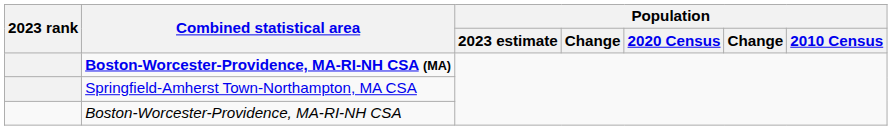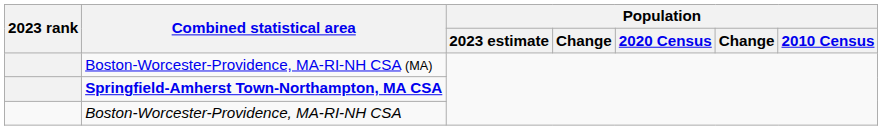 <table class="wikitable sortable">
 <tr>
 <th scope=col rowspan=2>2023 rank</th>
 <th scope=col rowspan=2><a href='#'>Combined statistical area</a></th>
 <th colspan=5>Population</th>
 </tr>
 <tr>
 <th scope=col>2023 estimate</th>
 <th scope=col>Change</th>
 <th scope=col><a href='#'>2020 Census</a></th>
 <th scope=col>Change</th>
 <th scope=col><a href='#'>2010 Census</a></th>
 </tr>
 <tr>
 <th scope=row></th>
-<td><strong><a href='#'>Boston-Worcester-Providence, MA-RI-NH CSA</a> <small>(MA)</small><br></strong></td>
+<td><a href='#'>Boston-Worcester-Providence, MA-RI-NH CSA</a> <small>(MA)</small><br></td>
 </tr>
 <tr>
 <th scope=row></th>
-<td><a href='#'>Springfield-Amherst Town-Northampton, MA CSA</a><br></td>
+<td><strong><a href='#'>Springfield-Amherst Town-Northampton, MA CSA</a><br></strong></td>
 </tr>
 <tr>
 <td></td>
 <td><em><span>Boston-Worcester-Providence, MA-RI-NH CSA</span></em><br></td>
 </tr>
 </table>
